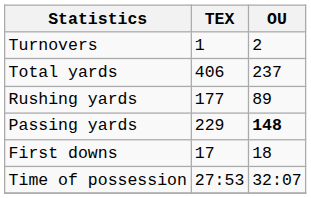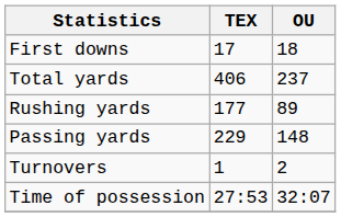 <table class="wikitable" style="float: left;">
 <tr>
 <th>Statistics</th>
 <th>TEX</th>
 <th>OU</th>
 </tr>
 <tr>
-<td>Turnovers</td>
-<td>1</td>
-<td>2</td>
+<td>First downs</td>
+<td>17</td>
+<td>18</td>
 </tr>
 <tr>
 <td>Total yards</td>
 <td>406</td>
 <td>237</td>
 </tr>
 <tr>
 <td>Rushing yards</td>
 <td>177</td>
 <td>89</td>
 </tr>
 <tr>
 <td>Passing yards</td>
 <td>229</td>
-<td><strong>148</strong></td>
+<td>148</td>
 </tr>
 <tr>
-<td>First downs</td>
-<td>17</td>
-<td>18</td>
+<td>Turnovers</td>
+<td>1</td>
+<td>2</td>
 </tr>
 <tr>
 <td>Time of possession</td>
 <td>27:53</td>
 <td>32:07</td>
 </tr>
 <tr>
 </tr>
 </table>
